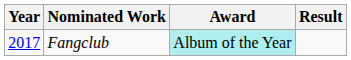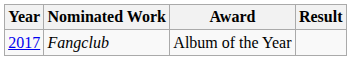 <table class="wikitable">
 <tr>
 <th>Year</th>
 <th>Nominated Work</th>
 <th>Award</th>
 <th>Result</th>
 </tr>
 <tr>
 <td rowspan="2"><a href='#'>2017</a></td>
 <td><em>Fangclub</em></td>
-<td style="background: paleturquoise;">Album of the Year</td>
+<td>Album of the Year</td>
 <td></td>
 </tr>
 </table>
